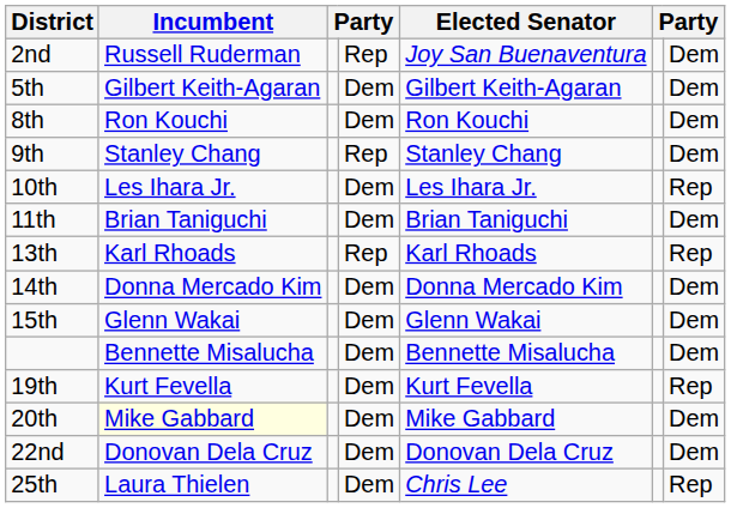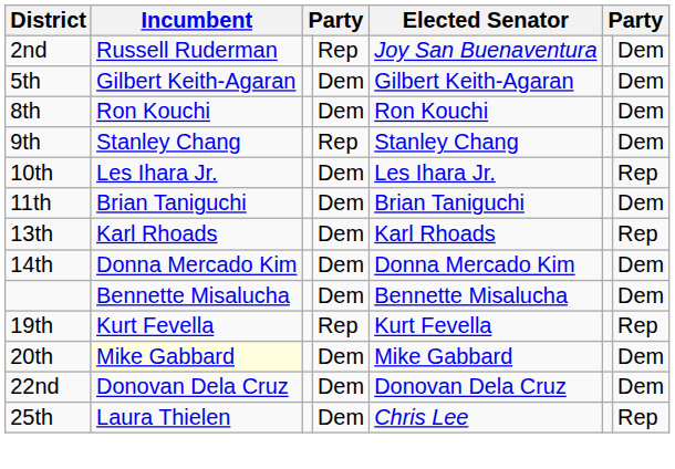 <table class="sortable wikitable" style="font-size:95%;line-height:14px;">
 <tr>
 <th class="unsortable">District</th>
 <th class="unsortable"><a href='#'>Incumbent</a></th>
 <th colspan="2">Party</th>
 <th class="unsortable">Elected Senator</th>
 <th colspan="2">Party</th>
 </tr>
 <tr>
 <td>2nd</td>
 <td><a href='#'>Russell Ruderman</a></td>
 <td style="background:"></td>
 <td>Rep</td>
 <td><em><a href='#'>Joy San Buenaventura</a></em></td>
 <td style="background:"></td>
 <td>Dem</td>
 </tr>
 <tr>
 <td>5th</td>
 <td><a href='#'>Gilbert Keith-Agaran</a></td>
 <td style="background:"></td>
 <td>Dem</td>
 <td><a href='#'>Gilbert Keith-Agaran</a></td>
 <td style="background:"></td>
 <td>Dem</td>
 </tr>
 <tr>
 <td>8th</td>
 <td><a href='#'>Ron Kouchi</a></td>
 <td style="background:"></td>
 <td>Dem</td>
 <td><a href='#'>Ron Kouchi</a></td>
 <td style="background:"></td>
 <td>Dem</td>
 </tr>
 <tr>
 <td>9th</td>
 <td><a href='#'>Stanley Chang</a></td>
 <td style="background:"></td>
 <td>Rep</td>
 <td><a href='#'>Stanley Chang</a></td>
 <td style="background:"></td>
 <td>Dem</td>
 </tr>
 <tr>
 <td>10th</td>
 <td><a href='#'>Les Ihara Jr.</a></td>
 <td style="background:"></td>
 <td>Dem</td>
 <td><a href='#'>Les Ihara Jr.</a></td>
 <td style="background:"></td>
 <td>Rep</td>
 </tr>
 <tr>
 <td>11th</td>
 <td><a href='#'>Brian Taniguchi</a></td>
 <td style="background:"></td>
 <td>Dem</td>
 <td><a href='#'>Brian Taniguchi</a></td>
 <td style="background:"></td>
 <td>Dem</td>
 </tr>
 <tr>
 <td>13th</td>
 <td><a href='#'>Karl Rhoads</a></td>
 <td style="background:"></td>
-<td>Rep</td>
+<td>Dem</td>
 <td><a href='#'>Karl Rhoads</a></td>
 <td style="background:"></td>
 <td>Rep</td>
 </tr>
 <tr>
 <td>14th</td>
 <td><a href='#'>Donna Mercado Kim</a></td>
 <td style="background:"></td>
 <td>Dem</td>
 <td><a href='#'>Donna Mercado Kim</a></td>
-<td style="background:"></td>
-<td>Dem</td>
-</tr>
-<tr>
-<td>15th</td>
-<td><a href='#'>Glenn Wakai</a></td>
-<td style="background:"></td>
-<td>Dem</td>
-<td><a href='#'>Glenn Wakai</a></td>
 <td style="background:"></td>
 <td>Dem</td>
 </tr>
 <tr>
 <td></td>
 <td><a href='#'>Bennette Misalucha</a></td>
 <td style="background:"></td>
 <td>Dem</td>
 <td><a href='#'>Bennette Misalucha</a></td>
 <td style="background:"></td>
 <td>Dem</td>
 </tr>
 <tr>
 <td>19th</td>
 <td><a href='#'>Kurt Fevella</a></td>
 <td style="background:"></td>
-<td>Dem</td>
+<td>Rep</td>
 <td><a href='#'>Kurt Fevella</a></td>
 <td style="background:"></td>
 <td>Rep</td>
 </tr>
 <tr>
 <td>20th</td>
 <td style="background: lightyellow;"><a href='#'>Mike Gabbard</a></td>
 <td style="background:"></td>
 <td>Dem</td>
 <td><a href='#'>Mike Gabbard</a></td>
 <td style="background:"></td>
 <td>Dem</td>
 </tr>
 <tr>
 <td>22nd</td>
 <td><a href='#'>Donovan Dela Cruz</a></td>
 <td style="background:"></td>
 <td>Dem</td>
 <td><a href='#'>Donovan Dela Cruz</a></td>
 <td style="background:"></td>
 <td>Dem</td>
 </tr>
 <tr>
 <td>25th</td>
 <td><a href='#'>Laura Thielen</a></td>
 <td style="background:"></td>
 <td>Dem</td>
 <td><em><a href='#'>Chris Lee</a></em></td>
 <td style="background:"></td>
 <td>Rep</td>
 </tr>
 </table>
